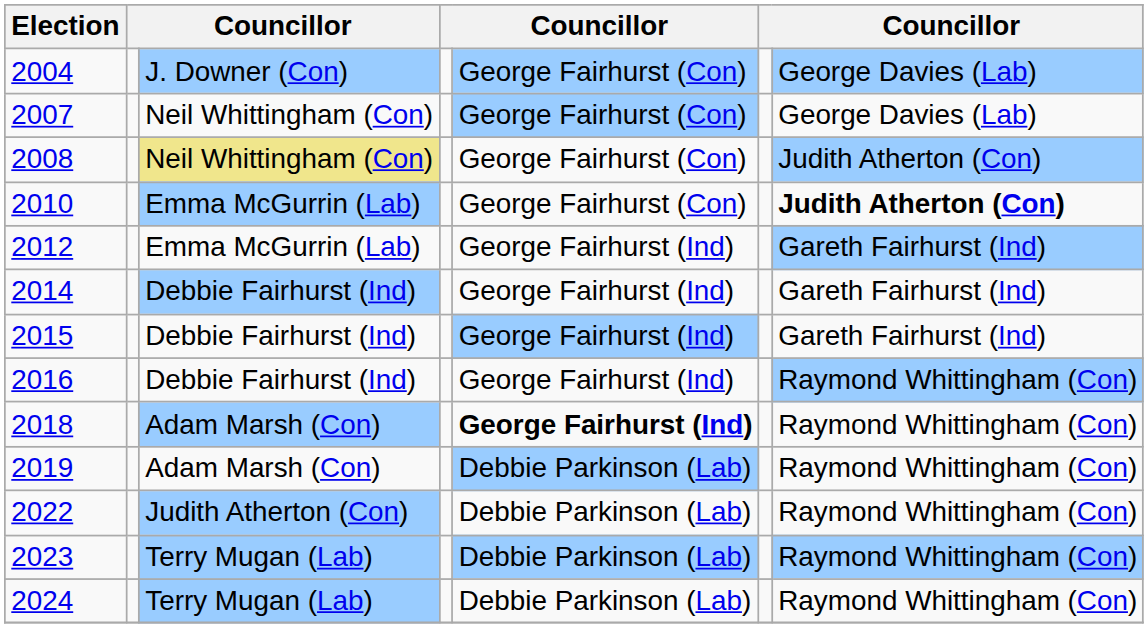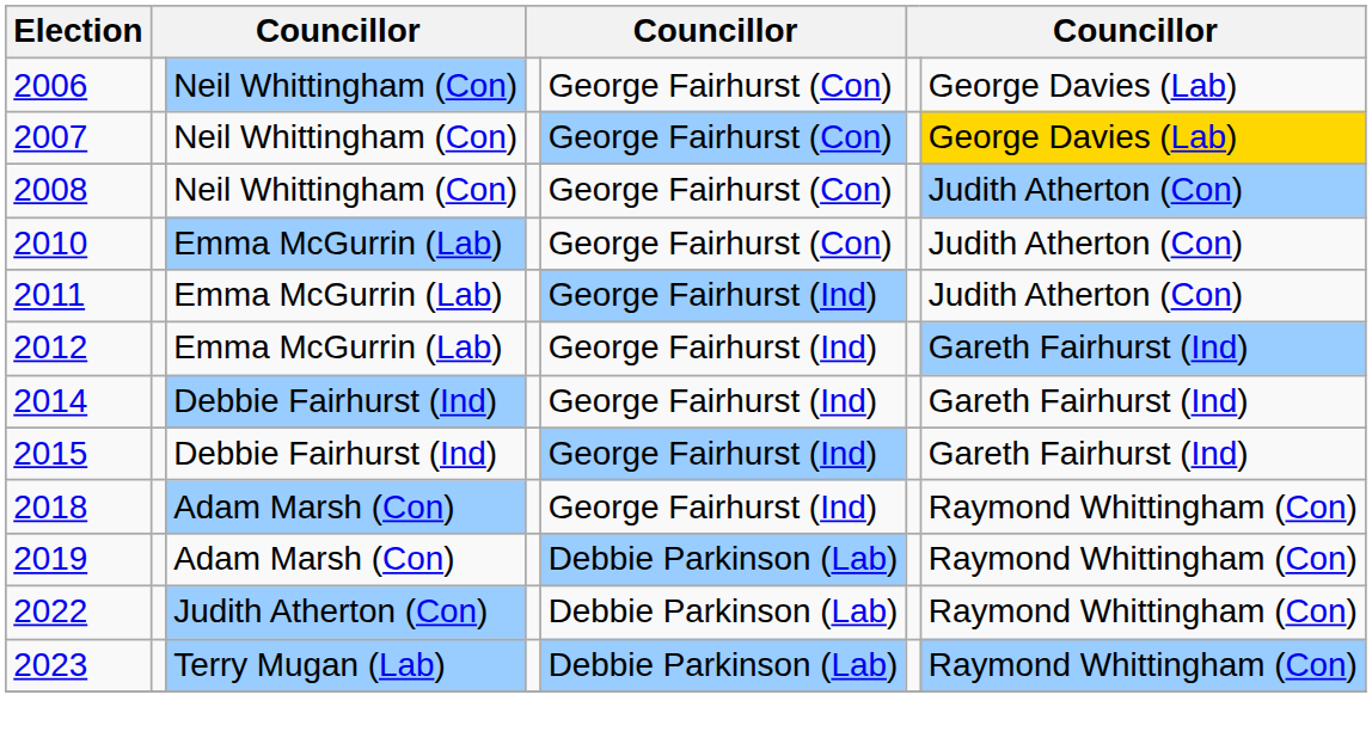 <table class="wikitable">
 <tr>
 <th>Election</th>
 <th colspan="2">Councillor</th>
 <th colspan="2">Councillor</th>
 <th colspan="2">Councillor</th>
 </tr>
 <tr>
-<td><a href='#'>2004</a></td>
+<td><a href='#'>2006</a></td>
 <td style="background-color: "></td>
-<td bgcolor="#99CCFF">J. Downer (<a href='#'>Con</a>)</td>
+<td bgcolor="#99CCFF">Neil Whittingham (<a href='#'>Con</a>)</td>
 <td style="background-color: "></td>
-<td bgcolor="#99CCFF">George Fairhurst (<a href='#'>Con</a>)</td>
+<td>George Fairhurst (<a href='#'>Con</a>)</td>
 <td style="background-color: "></td>
-<td bgcolor="#99CCFF">George Davies (<a href='#'>Lab</a>)</td>
+<td>George Davies (<a href='#'>Lab</a>)</td>
 </tr>
 <tr>
 <td><a href='#'>2007</a></td>
 <td style="background-color: "></td>
 <td>Neil Whittingham (<a href='#'>Con</a>)</td>
 <td style="background-color: "></td>
 <td bgcolor="#99CCFF">George Fairhurst (<a href='#'>Con</a>)</td>
 <td style="background-color: "></td>
-<td>George Davies (<a href='#'>Lab</a>)</td>
+<td style="background: gold;">George Davies (<a href='#'>Lab</a>)</td>
 </tr>
 <tr>
 <td><a href='#'>2008</a></td>
 <td style="background-color: "></td>
-<td style="background: khaki;">Neil Whittingham (<a href='#'>Con</a>)</td>
+<td>Neil Whittingham (<a href='#'>Con</a>)</td>
 <td style="background-color: "></td>
 <td>George Fairhurst (<a href='#'>Con</a>)</td>
 <td style="background-color: "></td>
 <td bgcolor="#99CCFF">Judith Atherton (<a href='#'>Con</a>)</td>
 </tr>
 <tr>
 <td><a href='#'>2010</a></td>
 <td style="background-color: "></td>
 <td bgcolor="#99CCFF">Emma McGurrin (<a href='#'>Lab</a>)</td>
 <td style="background-color: "></td>
 <td>George Fairhurst (<a href='#'>Con</a>)</td>
 <td style="background-color: "></td>
-<td><strong>Judith Atherton (<a href='#'>Con</a>)</strong></td>
+<td>Judith Atherton (<a href='#'>Con</a>)</td>
+</tr>
+<tr>
+<td><a href='#'>2011</a></td>
+<td style="background-color: "></td>
+<td>Emma McGurrin (<a href='#'>Lab</a>)</td>
+<td style="background-color: "></td>
+<td bgcolor="#99CCFF">George Fairhurst (<a href='#'>Ind</a>)</td>
+<td style="background-color: "></td>
+<td>Judith Atherton (<a href='#'>Con</a>)</td>
 </tr>
 <tr>
 <td><a href='#'>2012</a></td>
 <td style="background-color: "></td>
 <td>Emma McGurrin (<a href='#'>Lab</a>)</td>
 <td style="background-color: "></td>
 <td>George Fairhurst (<a href='#'>Ind</a>)</td>
 <td style="background-color: "></td>
 <td bgcolor="#99CCFF">Gareth Fairhurst (<a href='#'>Ind</a>)</td>
 </tr>
 <tr>
 <td><a href='#'>2014</a></td>
 <td style="background-color: "></td>
 <td bgcolor="#99CCFF">Debbie Fairhurst (<a href='#'>Ind</a>)</td>
 <td style="background-color: "></td>
 <td>George Fairhurst (<a href='#'>Ind</a>)</td>
 <td style="background-color: "></td>
 <td>Gareth Fairhurst (<a href='#'>Ind</a>)</td>
 </tr>
 <tr>
 <td><a href='#'>2015</a></td>
 <td style="background-color: "></td>
 <td>Debbie Fairhurst (<a href='#'>Ind</a>)</td>
 <td style="background-color: "></td>
 <td bgcolor="#99CCFF">George Fairhurst (<a href='#'>Ind</a>)</td>
 <td style="background-color: "></td>
 <td>Gareth Fairhurst (<a href='#'>Ind</a>)</td>
 </tr>
 <tr>
-<td><a href='#'>2016</a></td>
-<td style="background-color: "></td>
-<td>Debbie Fairhurst (<a href='#'>Ind</a>)</td>
-<td style="background-color: "></td>
-<td>George Fairhurst (<a href='#'>Ind</a>)</td>
-<td style="background-color: "></td>
-<td bgcolor="#99CCFF">Raymond Whittingham (<a href='#'>Con</a>)</td>
-</tr>
-<tr>
 <td><a href='#'>2018</a></td>
 <td style="background-color: "></td>
 <td bgcolor="#99CCFF">Adam Marsh (<a href='#'>Con</a>)</td>
 <td style="background-color: "></td>
-<td><strong>George Fairhurst (<a href='#'>Ind</a>)</strong></td>
+<td>George Fairhurst (<a href='#'>Ind</a>)</td>
 <td style="background-color: "></td>
 <td>Raymond Whittingham (<a href='#'>Con</a>)</td>
 </tr>
 <tr>
 <td><a href='#'>2019</a></td>
 <td style="background-color: "></td>
 <td>Adam Marsh (<a href='#'>Con</a>)</td>
 <td style="background-color: "></td>
 <td bgcolor="#99CCFF">Debbie Parkinson (<a href='#'>Lab</a>)</td>
 <td style="background-color: "></td>
 <td>Raymond Whittingham (<a href='#'>Con</a>)</td>
 </tr>
 <tr>
 <td><a href='#'>2022</a></td>
 <td style="background-color: "></td>
 <td bgcolor="#99CCFF">Judith Atherton (<a href='#'>Con</a>)</td>
 <td style="background-color: "></td>
 <td>Debbie Parkinson (<a href='#'>Lab</a>)</td>
 <td style="background-color: "></td>
 <td>Raymond Whittingham (<a href='#'>Con</a>)</td>
 </tr>
 <tr>
 <td><a href='#'>2023</a></td>
 <td style="background-color: "></td>
 <td bgcolor="#99CCFF">Terry Mugan (<a href='#'>Lab</a>)</td>
 <td style="background-color: "></td>
 <td bgcolor="#99CCFF">Debbie Parkinson (<a href='#'>Lab</a>)</td>
 <td style="background-color: "></td>
 <td bgcolor="#99CCFF">Raymond Whittingham (<a href='#'>Con</a>)</td>
 </tr>
 <tr>
-<td><a href='#'>2024</a></td>
-<td style="background-color: "></td>
-<td bgcolor="#99CCFF">Terry Mugan (<a href='#'>Lab</a>)</td>
-<td style="background-color: "></td>
-<td>Debbie Parkinson (<a href='#'>Lab</a>)</td>
-<td style="background-color: "></td>
-<td>Raymond Whittingham (<a href='#'>Con</a>)</td>
-</tr>
-<tr>
 </tr>
 </table>
